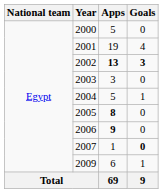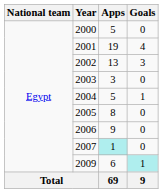 <table class="wikitable" style="text-align:center">
 <tr>
 <th>National team</th>
 <th>Year</th>
 <th>Apps</th>
 <th>Goals</th>
 </tr>
 <tr>
 <td rowspan="9"><a href='#'>Egypt</a></td>
 <td>2000</td>
 <td>5</td>
 <td>0</td>
 </tr>
 <tr>
 <td>2001</td>
 <td>19</td>
 <td>4</td>
 </tr>
 <tr>
 <td>2002</td>
-<td><strong>13</strong></td>
-<td><strong>3</strong></td>
+<td>13</td>
+<td>3</td>
 </tr>
 <tr>
 <td>2003</td>
 <td>3</td>
 <td>0</td>
 </tr>
 <tr>
 <td>2004</td>
 <td>5</td>
 <td>1</td>
 </tr>
 <tr>
 <td>2005</td>
-<td><strong>8</strong></td>
+<td>8</td>
 <td>0</td>
 </tr>
 <tr>
 <td>2006</td>
-<td><strong>9</strong></td>
+<td>9</td>
 <td>0</td>
 </tr>
 <tr>
 <td>2007</td>
-<td>1</td>
-<td><strong>0</strong></td>
+<td style="background: paleturquoise;">1</td>
+<td>0</td>
 </tr>
 <tr>
 <td>2009</td>
 <td>6</td>
-<td>1</td>
+<td style="background: paleturquoise;">1</td>
 </tr>
 <tr>
 <th colspan="2">Total</th>
 <th>69</th>
 <th>9</th>
 </tr>
 </table>
